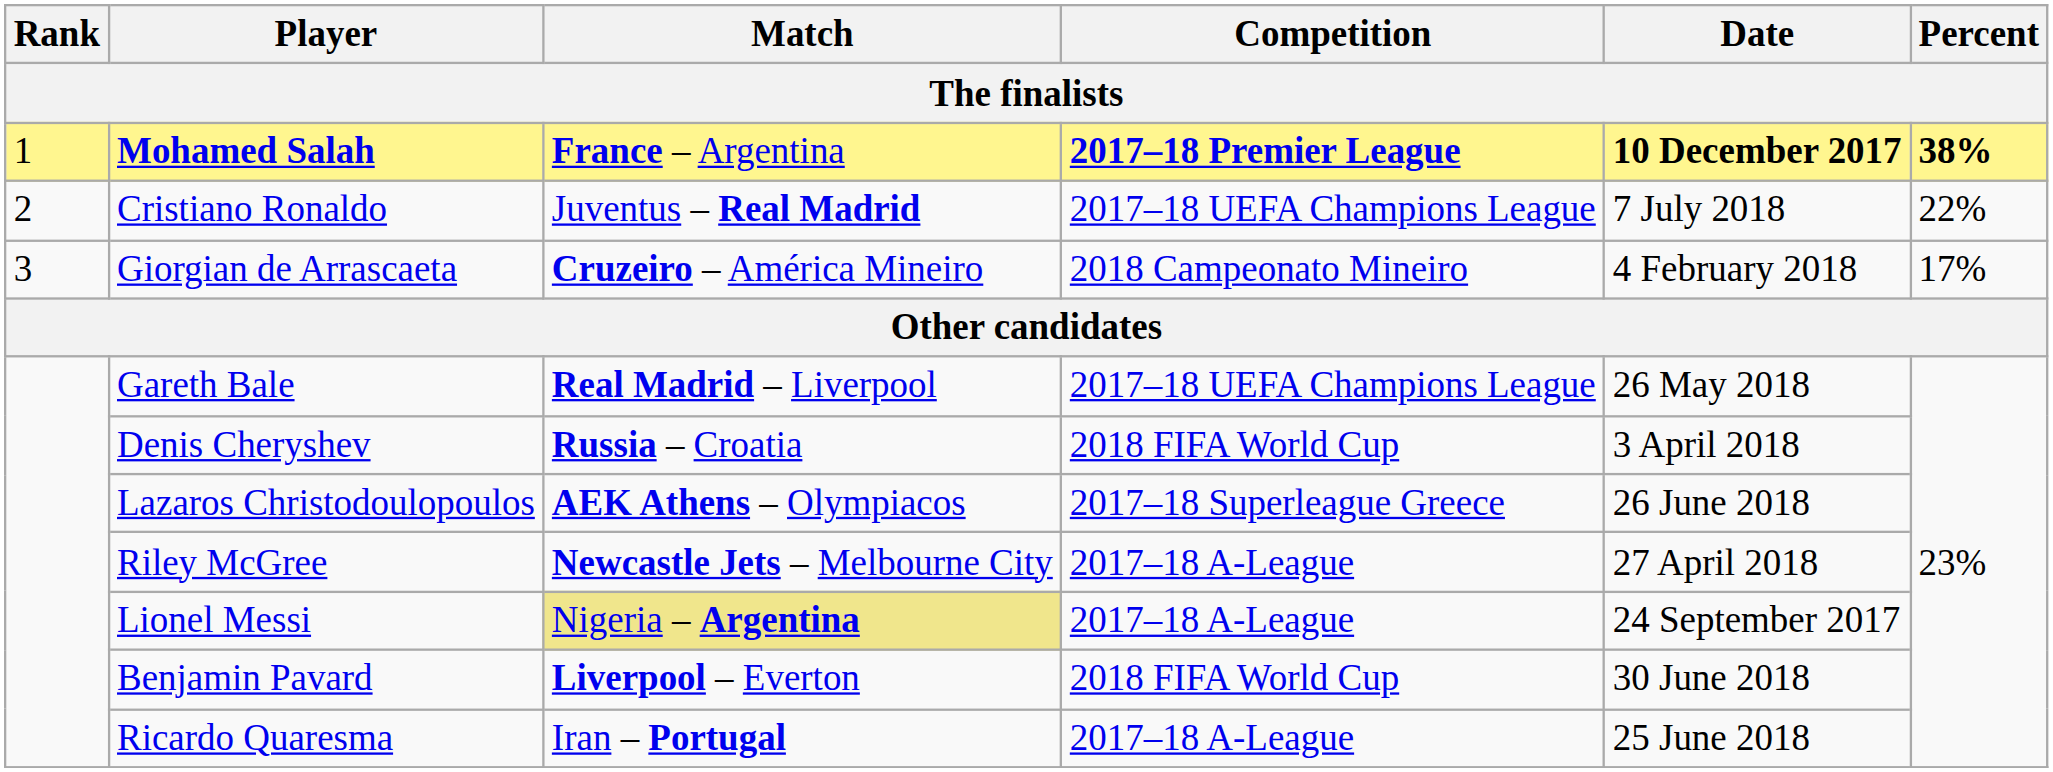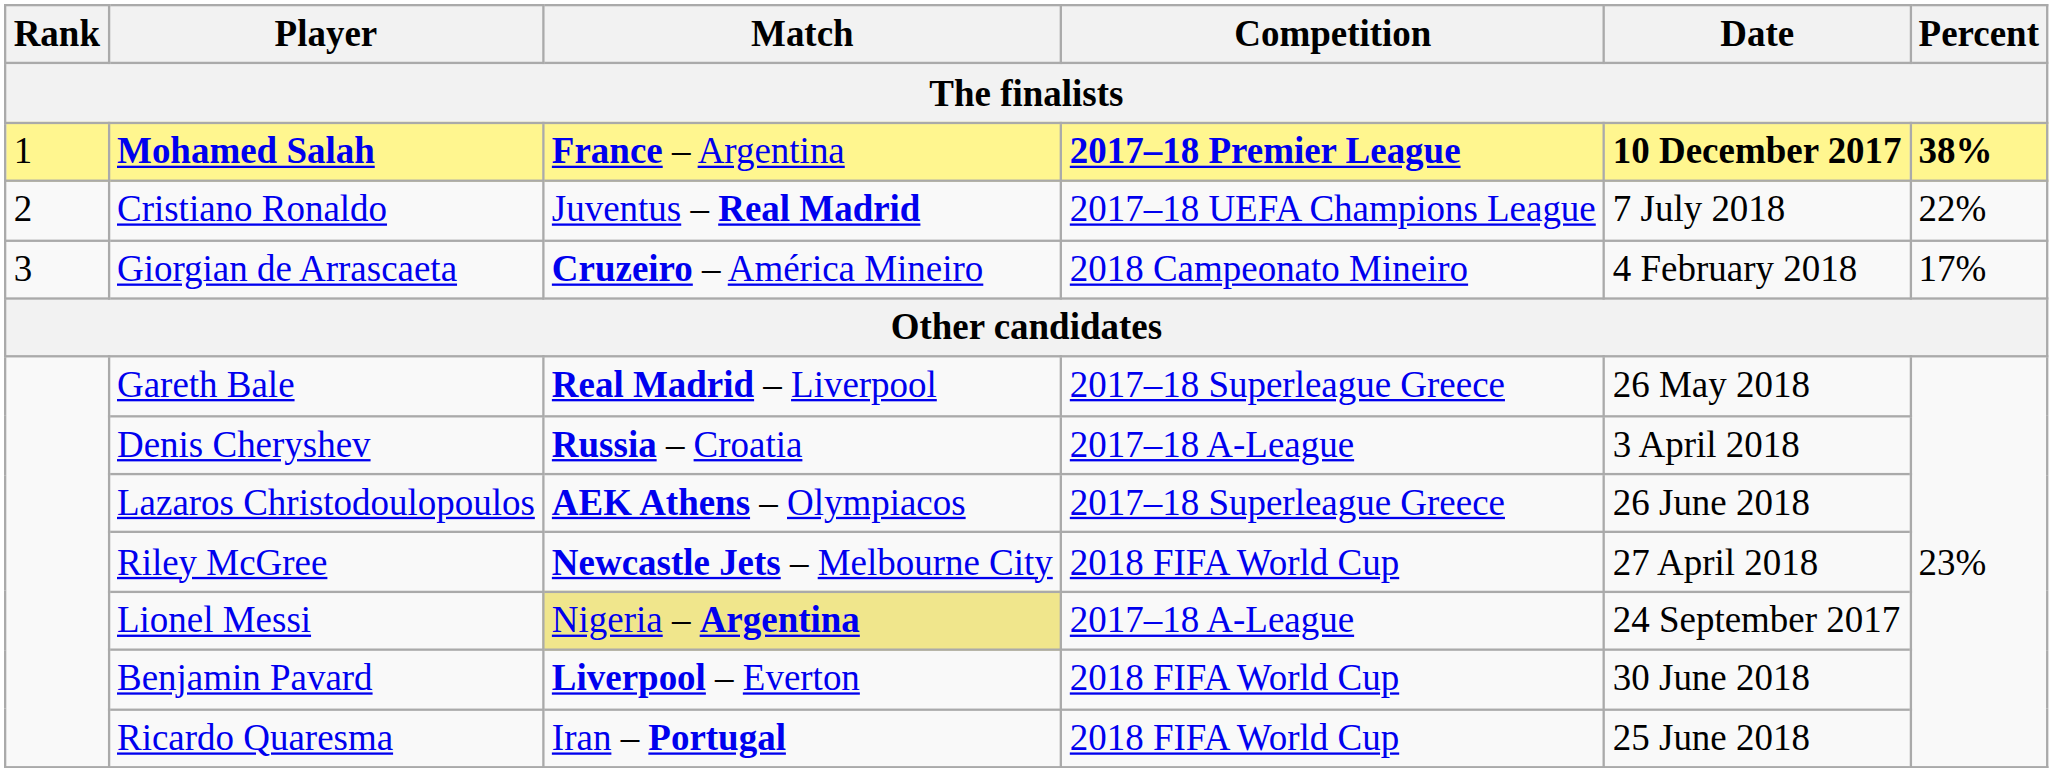 <table class="wikitable">
 <tr>
 <th>Rank</th>
 <th>Player</th>
 <th>Match</th>
 <th>Competition</th>
 <th>Date</th>
 <th>Percent</th>
 </tr>
 <tr>
 <th colspan="7">The finalists</th>
 </tr>
 <tr style="background-color: #FFF68F;">
 <td>1</td>
 <td> <strong><a href='#'>Mohamed Salah</a></strong></td>
 <td><strong><a href='#'>France</a></strong> – <a href='#'>Argentina</a></td>
 <td><strong><a href='#'>2017–18 Premier League</a></strong></td>
 <td><strong>10 December 2017</strong></td>
 <td><strong>38%</strong></td>
 </tr>
 <tr>
 <td>2</td>
 <td> <a href='#'>Cristiano Ronaldo</a></td>
 <td><a href='#'>Juventus</a> – <strong><a href='#'>Real Madrid</a></strong></td>
 <td><a href='#'>2017–18 UEFA Champions League</a></td>
 <td>7 July 2018</td>
 <td>22%</td>
 </tr>
 <tr>
 <td>3</td>
 <td> <a href='#'>Giorgian de Arrascaeta</a></td>
 <td><strong><a href='#'>Cruzeiro</a></strong> – <a href='#'>América Mineiro</a></td>
 <td><a href='#'>2018 Campeonato Mineiro</a></td>
 <td>4 February 2018</td>
 <td>17%</td>
 </tr>
 <tr>
 <th colspan="7">Other candidates</th>
 </tr>
 <tr>
 <td rowspan="7"></td>
 <td> <a href='#'>Gareth Bale</a></td>
 <td><strong><a href='#'>Real Madrid</a></strong> – <a href='#'>Liverpool</a></td>
-<td><a href='#'>2017–18 UEFA Champions League</a></td>
+<td><a href='#'>2017–18 Superleague Greece</a></td>
 <td>26 May 2018</td>
 <td rowspan="7">23%</td>
 </tr>
 <tr>
 <td> <a href='#'>Denis Cheryshev</a></td>
 <td><strong><a href='#'>Russia</a></strong> – <a href='#'>Croatia</a></td>
-<td><a href='#'>2018 FIFA World Cup</a></td>
+<td><a href='#'>2017–18 A-League</a></td>
 <td>3 April 2018</td>
 </tr>
 <tr>
 <td> <a href='#'>Lazaros Christodoulopoulos</a></td>
 <td><strong><a href='#'>AEK Athens</a></strong> – <a href='#'>Olympiacos</a></td>
 <td><a href='#'>2017–18 Superleague Greece</a></td>
 <td>26 June 2018</td>
 </tr>
 <tr>
 <td> <a href='#'>Riley McGree</a></td>
 <td><strong><a href='#'>Newcastle Jets</a></strong> – <a href='#'>Melbourne City</a></td>
-<td><a href='#'>2017–18 A-League</a></td>
+<td><a href='#'>2018 FIFA World Cup</a></td>
 <td>27 April 2018</td>
 </tr>
 <tr>
 <td> <a href='#'>Lionel Messi</a></td>
 <td style="background: khaki;"><a href='#'>Nigeria</a> – <strong><a href='#'>Argentina</a></strong></td>
 <td><a href='#'>2017–18 A-League</a></td>
 <td>24 September 2017</td>
 </tr>
 <tr>
 <td> <a href='#'>Benjamin Pavard</a></td>
 <td><strong><a href='#'>Liverpool</a></strong> – <a href='#'>Everton</a></td>
 <td><a href='#'>2018 FIFA World Cup</a></td>
 <td>30 June 2018</td>
 </tr>
 <tr>
 <td> <a href='#'>Ricardo Quaresma</a></td>
 <td><a href='#'>Iran</a> – <strong><a href='#'>Portugal</a></strong></td>
-<td><a href='#'>2017–18 A-League</a></td>
+<td><a href='#'>2018 FIFA World Cup</a></td>
 <td>25 June 2018</td>
 </tr>
 <tr>
 </tr>
 </table>
